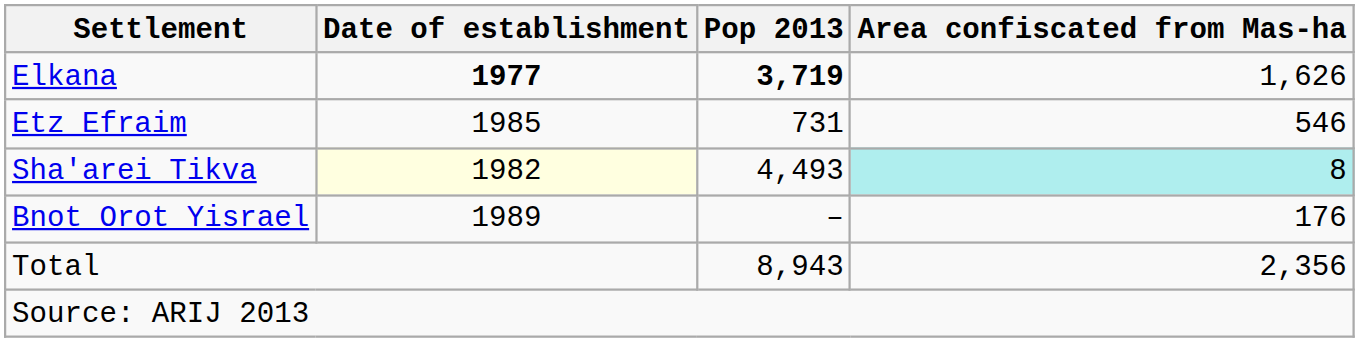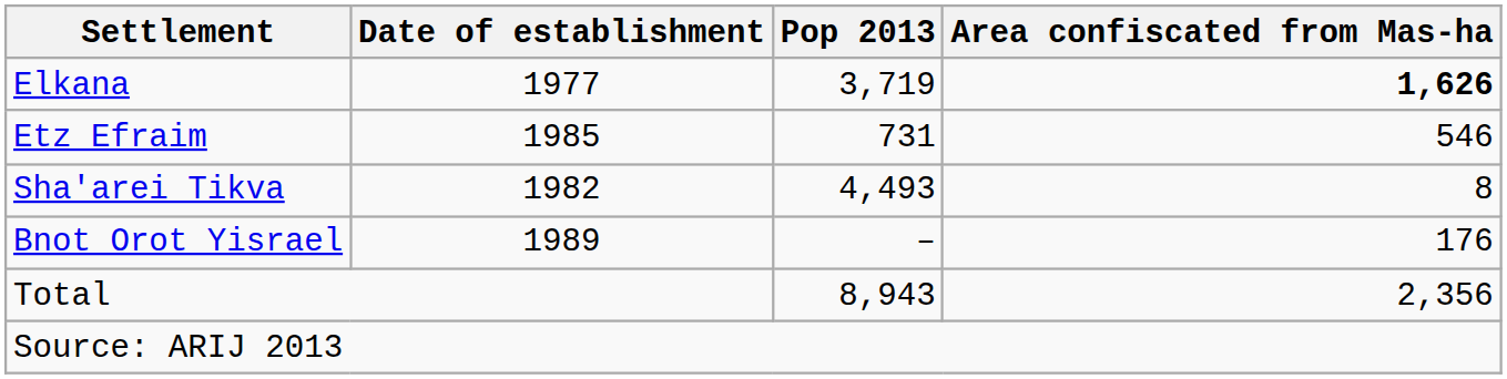 <table class="wikitable">
 <tr>
 <th>Settlement</th>
 <th>Date of establishment</th>
 <th>Pop 2013</th>
 <th>Area confiscated from Mas-ha</th>
 </tr>
 <tr>
 <td align="left"><a href='#'>Elkana</a></td>
-<td align="center"><strong>1977</strong></td>
-<td align="right"><strong>3,719</strong></td>
-<td align="right">1,626</td>
+<td align="center">1977</td>
+<td align="right">3,719</td>
+<td align="right"><strong>1,626</strong></td>
 </tr>
 <tr>
 <td align="left"><a href='#'>Etz Efraim</a></td>
 <td align="center">1985</td>
 <td align="right">731</td>
 <td align="right">546</td>
 </tr>
 <tr>
 <td align="left"><a href='#'>Sha'arei Tikva</a></td>
-<td align="center" style="background: lightyellow;">1982</td>
+<td align="center">1982</td>
 <td align="right">4,493</td>
-<td align="right" style="background: paleturquoise;">8</td>
+<td align="right">8</td>
 </tr>
 <tr>
 <td align="left"><a href='#'>Bnot Orot Yisrael</a></td>
 <td align="center">1989</td>
 <td align="right">–</td>
 <td align="right">176</td>
 </tr>
 <tr>
 <td colspan="2">Total</td>
 <td align="right">8,943</td>
 <td align="right">2,356</td>
 </tr>
 <tr>
 <td colspan="5">Source: ARIJ 2013</td>
 </tr>
 </table>
